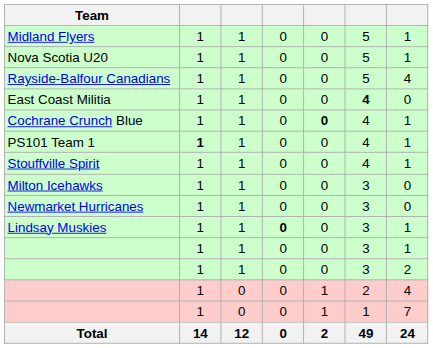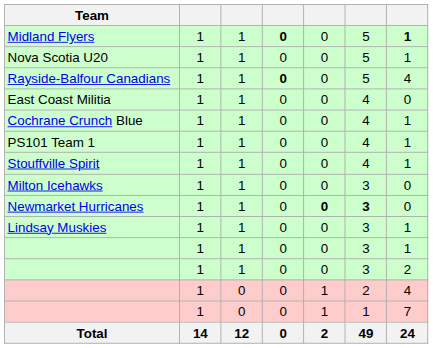 <table class="wikitable" style="font-size:95%; text-align:center">
 <tr>
 <th width=192>Team</th>
 <th width=40></th>
 <th width=40></th>
 <th width=40></th>
 <th width=40></th>
 <th width=40></th>
 <th width=40></th>
 </tr>
 <tr style="background:#ccffcc;">
 <td align=left> <a href='#'>Midland Flyers</a></td>
 <td>1</td>
 <td>1</td>
-<td>0</td>
+<td><strong>0</strong></td>
 <td>0</td>
 <td>5</td>
-<td>1</td>
+<td><strong>1</strong></td>
 </tr>
 <tr style="background:#ccffcc;">
 <td align=left> Nova Scotia U20</td>
 <td>1</td>
 <td>1</td>
 <td>0</td>
 <td>0</td>
 <td>5</td>
 <td>1</td>
 </tr>
 <tr style="background:#ccffcc;">
 <td align=left> <a href='#'>Rayside-Balfour Canadians</a></td>
 <td>1</td>
 <td>1</td>
-<td>0</td>
+<td><strong>0</strong></td>
 <td>0</td>
 <td>5</td>
 <td>4</td>
 </tr>
 <tr style="background:#ccffcc;">
 <td align=left> East Coast Militia</td>
 <td>1</td>
 <td>1</td>
 <td>0</td>
 <td>0</td>
-<td><strong>4</strong></td>
+<td>4</td>
 <td>0</td>
 </tr>
 <tr style="background:#ccffcc;">
 <td align=left> <a href='#'>Cochrane Crunch</a> Blue</td>
 <td>1</td>
 <td>1</td>
 <td>0</td>
-<td><strong>0</strong></td>
+<td>0</td>
 <td>4</td>
 <td>1</td>
 </tr>
 <tr style="background:#ccffcc;">
 <td align=left> PS101 Team 1</td>
-<td><strong>1</strong></td>
+<td>1</td>
 <td>1</td>
 <td>0</td>
 <td>0</td>
 <td>4</td>
 <td>1</td>
 </tr>
 <tr style="background:#ccffcc;">
 <td align=left> <a href='#'>Stouffville Spirit</a></td>
 <td>1</td>
 <td>1</td>
 <td>0</td>
 <td>0</td>
 <td>4</td>
 <td>1</td>
 </tr>
 <tr style="background:#ccffcc;">
 <td align=left> <a href='#'>Milton Icehawks</a></td>
 <td>1</td>
 <td>1</td>
 <td>0</td>
 <td>0</td>
 <td>3</td>
 <td>0</td>
 </tr>
 <tr style="background:#ccffcc;">
 <td align=left> <a href='#'>Newmarket Hurricanes</a></td>
 <td>1</td>
 <td>1</td>
 <td>0</td>
-<td>0</td>
-<td>3</td>
+<td><strong>0</strong></td>
+<td><strong>3</strong></td>
 <td>0</td>
 </tr>
 <tr style="background:#ccffcc;">
 <td align=left> <a href='#'>Lindsay Muskies</a></td>
 <td>1</td>
 <td>1</td>
-<td><strong>0</strong></td>
+<td>0</td>
 <td>0</td>
 <td>3</td>
 <td>1</td>
 </tr>
 <tr style="background:#ccffcc;">
 <td align=left> </td>
 <td>1</td>
 <td>1</td>
 <td>0</td>
 <td>0</td>
 <td>3</td>
 <td>1</td>
 </tr>
 <tr style="background:#ccffcc;">
 <td align=left> </td>
 <td>1</td>
 <td>1</td>
 <td>0</td>
 <td>0</td>
 <td>3</td>
 <td>2</td>
 </tr>
 <tr style="background:#ffcccc;">
 <td align=left> </td>
 <td>1</td>
 <td>0</td>
 <td>0</td>
 <td>1</td>
 <td>2</td>
 <td>4</td>
 </tr>
 <tr style="background:#ffcccc;">
 <td align=left></td>
 <td>1</td>
 <td>0</td>
 <td>0</td>
 <td>1</td>
 <td>1</td>
 <td>7</td>
 </tr>
 <tr>
 <th>Total</th>
 <th>14</th>
 <th>12</th>
 <th>0</th>
 <th>2</th>
 <th>49</th>
 <th>24</th>
 </tr>
 </table>
